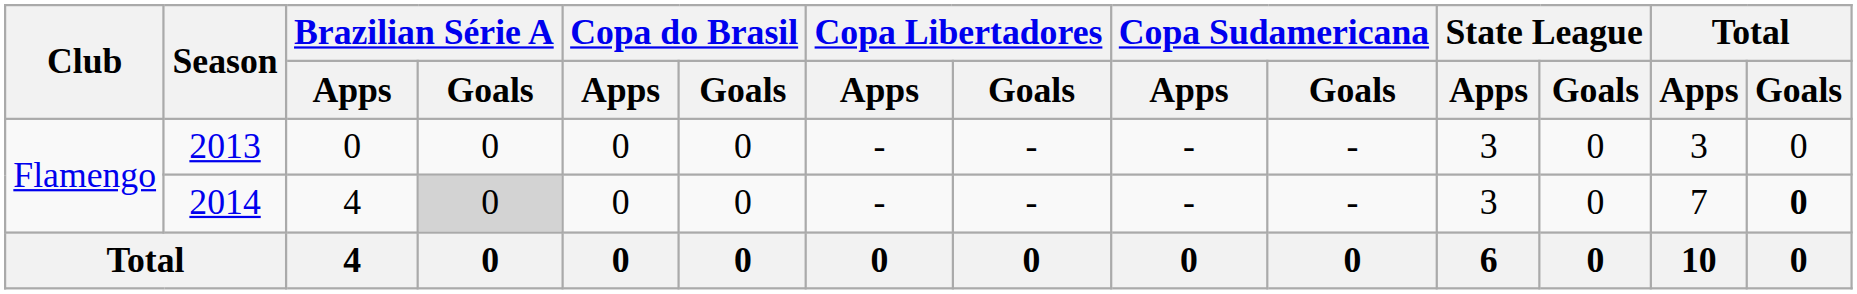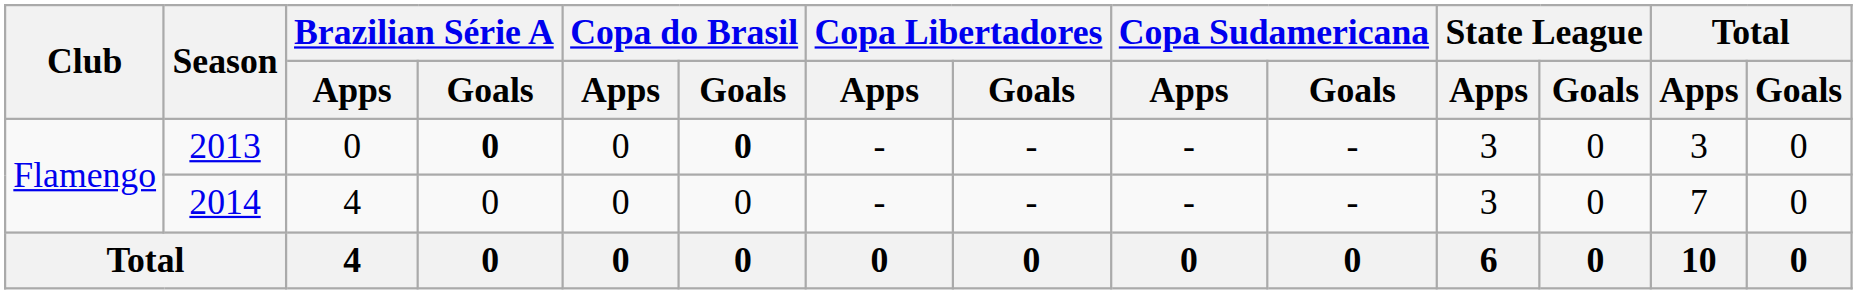 <table class="wikitable" style="text-align: center;">
 <tr>
 <th rowspan="2">Club</th>
 <th rowspan="2">Season</th>
 <th colspan="2"><a href='#'>Brazilian Série A</a></th>
 <th colspan="2"><a href='#'>Copa do Brasil</a></th>
 <th colspan="2"><a href='#'>Copa Libertadores</a></th>
 <th colspan="2"><a href='#'>Copa Sudamericana</a></th>
 <th colspan="2">State League</th>
 <th colspan="2">Total</th>
 </tr>
 <tr>
 <th>Apps</th>
 <th>Goals</th>
 <th>Apps</th>
 <th>Goals</th>
 <th>Apps</th>
 <th>Goals</th>
 <th>Apps</th>
 <th>Goals</th>
 <th>Apps</th>
 <th>Goals</th>
 <th>Apps</th>
 <th>Goals</th>
 </tr>
 <tr>
 <td rowspan="2"><a href='#'>Flamengo</a></td>
 <td><a href='#'>2013</a></td>
 <td>0</td>
+<td><strong>0</strong></td>
 <td>0</td>
-<td>0</td>
-<td>0</td>
+<td><strong>0</strong></td>
 <td>-</td>
 <td>-</td>
 <td>-</td>
 <td>-</td>
 <td>3</td>
 <td>0</td>
 <td>3</td>
 <td>0</td>
 </tr>
 <tr>
 <td><a href='#'>2014</a></td>
 <td>4</td>
-<td style="background: lightgrey;">0</td>
+<td>0</td>
 <td>0</td>
 <td>0</td>
 <td>-</td>
 <td>-</td>
 <td>-</td>
 <td>-</td>
 <td>3</td>
 <td>0</td>
 <td>7</td>
-<td><strong>0</strong></td>
+<td>0</td>
 </tr>
 <tr>
 <th colspan="2"><strong>Total</strong></th>
 <th>4</th>
 <th>0</th>
 <th>0</th>
 <th>0</th>
 <th>0</th>
 <th>0</th>
 <th>0</th>
 <th>0</th>
 <th>6</th>
 <th>0</th>
 <th>10</th>
 <th>0</th>
 </tr>
 </table>
